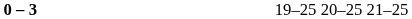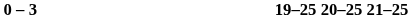 <table width=100% cellspacing=1>
 <tr>
 <th width=20%></th>
 <th width=12%></th>
 <th width=20%></th>
 <th width=33%></th>
 <td></td>
 </tr>
 <tr style=font-size:95%>
 <td align=right></td>
 <td align=center><strong>0 – 3</strong></td>
 <td><strong></strong></td>
-<td>19–25 20–25 21–25</td>
+<td><strong>19–25 20–25 21–25</strong></td>
 </tr>
 </table>
